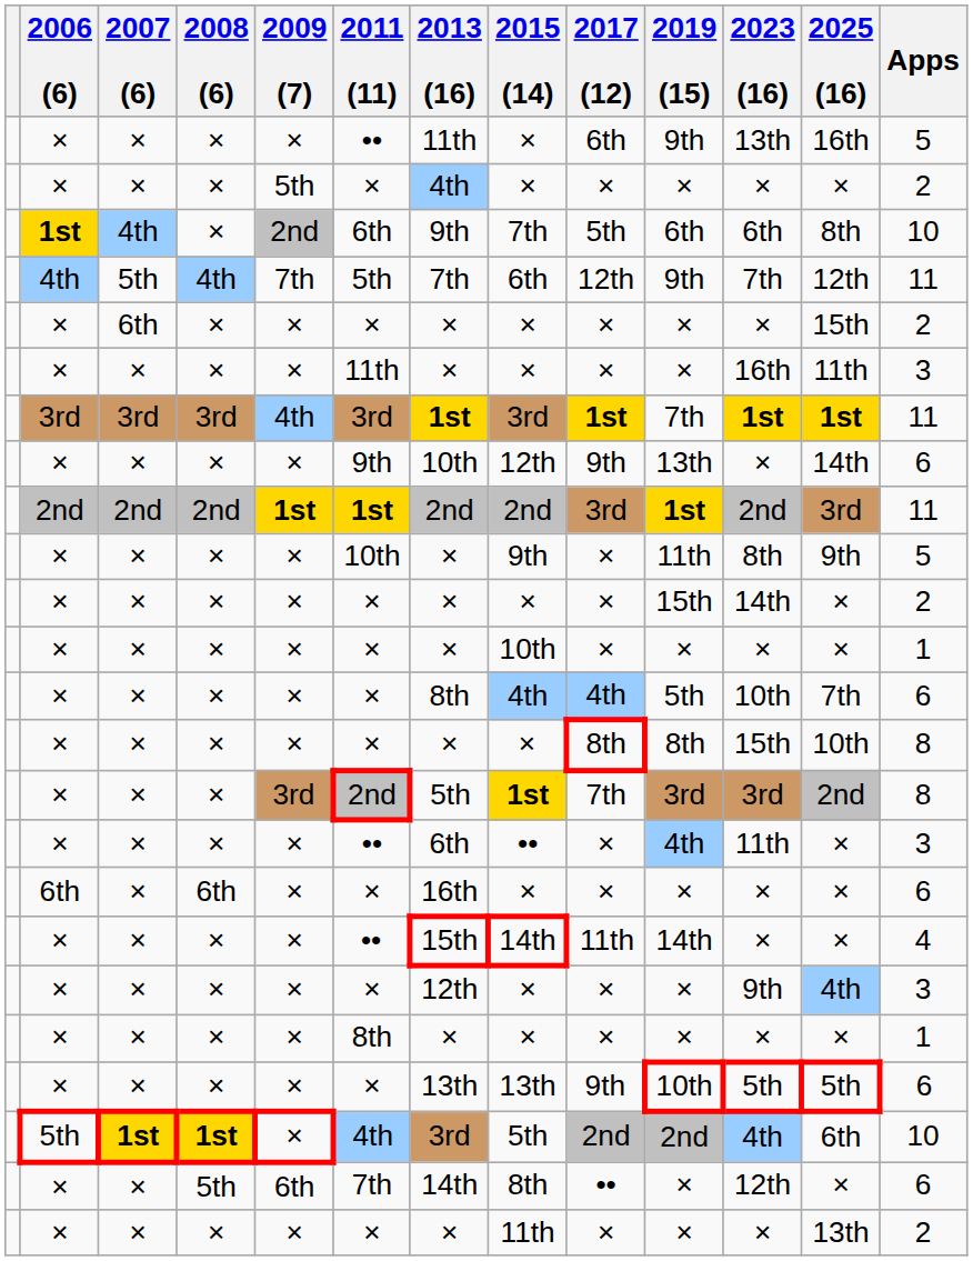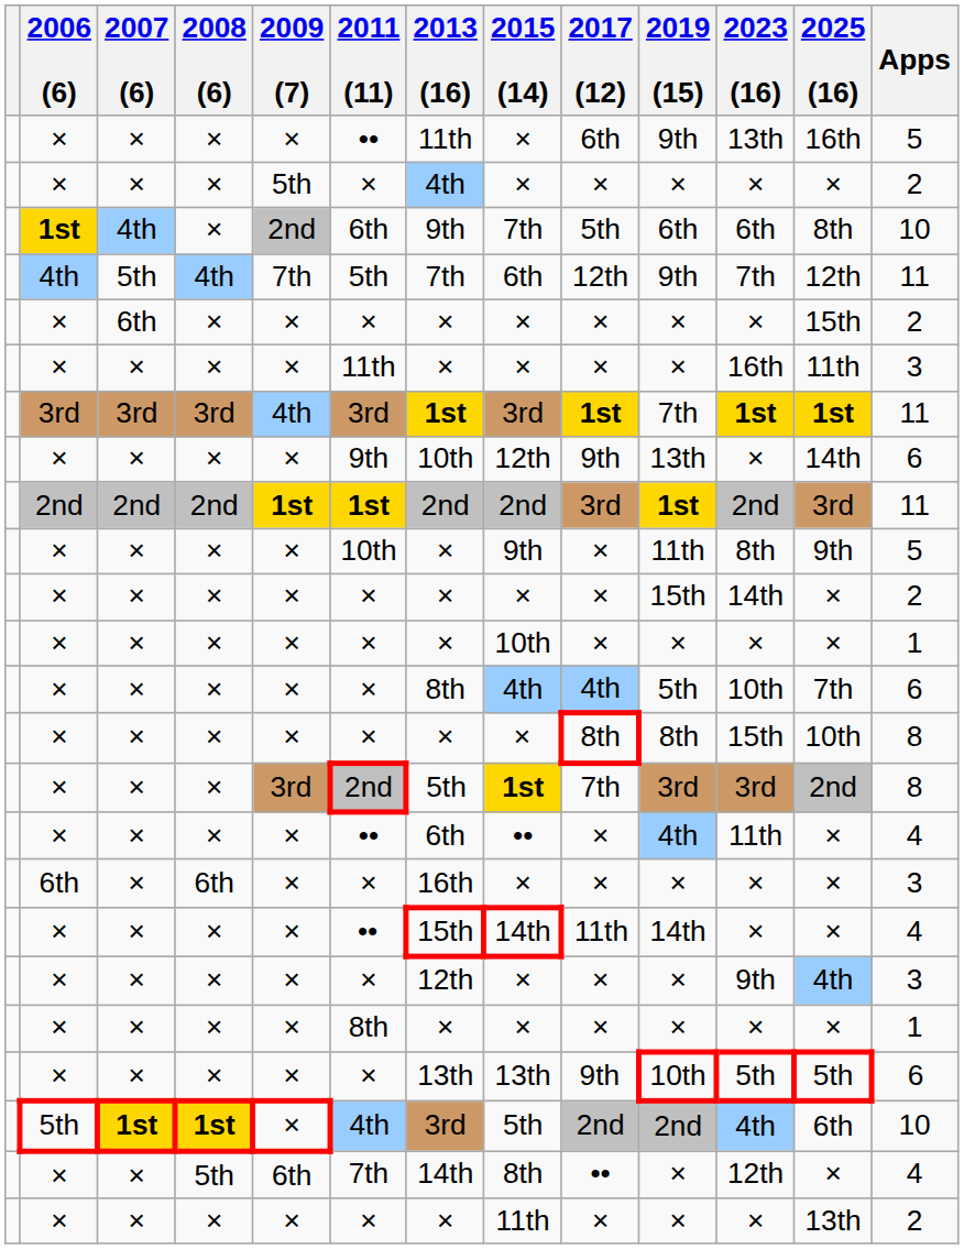 <table class="wikitable" style="text-align: center">
 <tr>
 <th></th>
 <th><a href='#'>2006</a><br> <br> (6)</th>
 <th><a href='#'>2007</a><br> <br> (6)</th>
 <th><a href='#'>2008</a><br> <br> (6)</th>
 <th><a href='#'>2009</a><br> <br> (7)</th>
 <th><a href='#'>2011</a><br> <br> (11)</th>
 <th><a href='#'>2013</a><br> <br> (16)</th>
 <th><a href='#'>2015</a><br> <br> (14)</th>
 <th><a href='#'>2017</a><br> <br> (12)</th>
 <th><a href='#'>2019</a><br> <br> (15)</th>
 <th><a href='#'>2023</a><br> <br> (16)</th>
 <th><a href='#'>2025</a><br> <br> (16)</th>
 <th>Apps</th>
 </tr>
 <tr>
 <td align=left></td>
 <td>×</td>
 <td>×</td>
 <td>×</td>
 <td>×</td>
 <td>••</td>
 <td>11th</td>
 <td>×</td>
 <td>6th</td>
 <td>9th</td>
 <td>13th</td>
 <td>16th</td>
 <td>5</td>
 </tr>
 <tr>
 <td align=left></td>
 <td>×</td>
 <td>×</td>
 <td>×</td>
 <td>5th</td>
 <td>×</td>
 <td bgcolor=#9acdff>4th</td>
 <td>×</td>
 <td>×</td>
 <td>×</td>
 <td>×</td>
 <td>×</td>
 <td>2</td>
 </tr>
 <tr>
 <td align=left></td>
 <td bgcolor=gold><strong>1st</strong></td>
 <td bgcolor=#9acdff>4th</td>
 <td>×</td>
 <td bgcolor=silver>2nd</td>
 <td>6th</td>
 <td>9th</td>
 <td>7th</td>
 <td>5th</td>
 <td>6th</td>
 <td>6th</td>
 <td>8th</td>
 <td>10</td>
 </tr>
 <tr>
 <td align=left></td>
 <td bgcolor=#9acdff>4th</td>
 <td>5th</td>
 <td bgcolor=#9acdff>4th</td>
 <td>7th</td>
 <td>5th</td>
 <td>7th</td>
 <td>6th</td>
 <td>12th</td>
 <td>9th</td>
 <td>7th</td>
 <td>12th</td>
 <td>11</td>
 </tr>
 <tr>
 <td align=left></td>
 <td>×</td>
 <td>6th</td>
 <td>×</td>
 <td>×</td>
 <td>×</td>
 <td>×</td>
 <td>×</td>
 <td>×</td>
 <td>×</td>
 <td>×</td>
 <td>15th</td>
 <td>2</td>
 </tr>
 <tr>
 <td align=left></td>
 <td>×</td>
 <td>×</td>
 <td>×</td>
 <td>×</td>
 <td>11th</td>
 <td>×</td>
 <td>×</td>
 <td>×</td>
 <td>×</td>
 <td>16th</td>
 <td>11th</td>
 <td>3</td>
 </tr>
 <tr>
 <td align=left></td>
 <td bgcolor=#cc9966>3rd</td>
 <td bgcolor=#cc9966>3rd</td>
 <td bgcolor=#cc9966>3rd</td>
 <td bgcolor=#9acdff>4th</td>
 <td bgcolor=#cc9966>3rd</td>
 <td bgcolor=gold><strong>1st</strong></td>
 <td bgcolor=#cc9966>3rd</td>
 <td bgcolor=gold><strong>1st</strong></td>
 <td>7th</td>
 <td bgcolor=gold><strong>1st</strong></td>
 <td bgcolor=gold><strong>1st</strong></td>
 <td>11</td>
 </tr>
 <tr>
 <td align=left></td>
 <td>×</td>
 <td>×</td>
 <td>×</td>
 <td>×</td>
 <td>9th</td>
 <td>10th</td>
 <td>12th</td>
 <td>9th</td>
 <td>13th</td>
 <td>×</td>
 <td>14th</td>
 <td>6</td>
 </tr>
 <tr>
 <td align=left></td>
 <td bgcolor=silver>2nd</td>
 <td bgcolor=silver>2nd</td>
 <td bgcolor=silver>2nd</td>
 <td bgcolor=gold><strong>1st</strong></td>
 <td bgcolor=gold><strong>1st</strong></td>
 <td bgcolor=silver>2nd</td>
 <td bgcolor=silver>2nd</td>
 <td bgcolor=#cc9966>3rd</td>
 <td bgcolor=gold><strong>1st</strong></td>
 <td bgcolor=silver>2nd</td>
 <td bgcolor=#cc9966>3rd</td>
 <td>11</td>
 </tr>
 <tr>
 <td align=left></td>
 <td>×</td>
 <td>×</td>
 <td>×</td>
 <td>×</td>
 <td>10th</td>
 <td>×</td>
 <td>9th</td>
 <td>×</td>
 <td>11th</td>
 <td>8th</td>
 <td>9th</td>
 <td>5</td>
 </tr>
 <tr>
 <td align=left></td>
 <td>×</td>
 <td>×</td>
 <td>×</td>
 <td>×</td>
 <td>×</td>
 <td>×</td>
 <td>×</td>
 <td>×</td>
 <td>15th</td>
 <td>14th</td>
 <td>×</td>
 <td>2</td>
 </tr>
 <tr>
 <td align=left></td>
 <td>×</td>
 <td>×</td>
 <td>×</td>
 <td>×</td>
 <td>×</td>
 <td>×</td>
 <td>10th</td>
 <td>×</td>
 <td>×</td>
 <td>×</td>
 <td>×</td>
 <td>1</td>
 </tr>
 <tr>
 <td align=left></td>
 <td>×</td>
 <td>×</td>
 <td>×</td>
 <td>×</td>
 <td>×</td>
 <td>8th</td>
 <td bgcolor=#9acdff>4th</td>
 <td bgcolor=#9acdff>4th</td>
 <td>5th</td>
 <td>10th</td>
 <td>7th</td>
 <td>6</td>
 </tr>
 <tr>
 <td align=left></td>
 <td>×</td>
 <td>×</td>
 <td>×</td>
 <td>×</td>
 <td>×</td>
 <td>×</td>
 <td>×</td>
 <td style="border:3px solid red">8th</td>
 <td>8th</td>
 <td>15th</td>
 <td>10th</td>
 <td>8</td>
 </tr>
 <tr>
 <td align=left></td>
 <td>×</td>
 <td>×</td>
 <td>×</td>
 <td bgcolor=#cc9966>3rd</td>
 <td bgcolor=silver style="border:3px solid red">2nd</td>
 <td>5th</td>
 <td bgcolor=gold><strong>1st</strong></td>
 <td>7th</td>
 <td bgcolor=#cc9966>3rd</td>
 <td bgcolor=#cc9966>3rd</td>
 <td bgcolor=silver>2nd</td>
 <td>8</td>
 </tr>
 <tr>
 <td align=left></td>
 <td>×</td>
 <td>×</td>
 <td>×</td>
 <td>×</td>
 <td>••</td>
 <td>6th</td>
 <td>••</td>
 <td>×</td>
 <td bgcolor=#9acdff>4th</td>
 <td>11th</td>
 <td>×</td>
-<td>3</td>
+<td>4</td>
 </tr>
 <tr>
 <td align=left></td>
 <td>6th</td>
 <td>×</td>
 <td>6th</td>
 <td>×</td>
 <td>×</td>
 <td>16th</td>
 <td>×</td>
 <td>×</td>
 <td>×</td>
 <td>×</td>
 <td>×</td>
-<td>6</td>
+<td>3</td>
 </tr>
 <tr>
 <td align=left></td>
 <td>×</td>
 <td>×</td>
 <td>×</td>
 <td>×</td>
 <td>••</td>
 <td style="border:3px solid red">15th</td>
 <td style="border:3px solid red">14th</td>
 <td>11th</td>
 <td>14th</td>
 <td>×</td>
 <td>×</td>
 <td>4</td>
 </tr>
 <tr>
 <td align=left></td>
 <td>×</td>
 <td>×</td>
 <td>×</td>
 <td>×</td>
 <td>×</td>
 <td>12th</td>
 <td>×</td>
 <td>×</td>
 <td>×</td>
 <td>9th</td>
 <td bgcolor=#9acdff>4th</td>
 <td>3</td>
 </tr>
 <tr>
 <td align=left></td>
 <td>×</td>
 <td>×</td>
 <td>×</td>
 <td>×</td>
 <td>8th</td>
 <td>×</td>
 <td>×</td>
 <td>×</td>
 <td>×</td>
 <td>×</td>
 <td>×</td>
 <td>1</td>
 </tr>
 <tr>
 <td align=left></td>
 <td>×</td>
 <td>×</td>
 <td>×</td>
 <td>×</td>
 <td>×</td>
 <td>13th</td>
 <td>13th</td>
 <td>9th</td>
 <td style="border:3px solid red">10th</td>
 <td style="border:3px solid red">5th</td>
 <td style="border:3px solid red">5th</td>
 <td>6</td>
 </tr>
 <tr>
 <td align=left></td>
 <td style="border:3px solid red">5th</td>
 <td bgcolor=gold style="border:3px solid red"><strong>1st</strong></td>
 <td bgcolor=gold style="border:3px solid red"><strong>1st</strong></td>
 <td style="border:3px solid red">×</td>
 <td bgcolor=#9acdff>4th</td>
 <td bgcolor=#cc9966>3rd</td>
 <td>5th</td>
 <td bgcolor=silver>2nd</td>
 <td bgcolor=silver>2nd</td>
 <td bgcolor=#9acdff>4th</td>
 <td>6th</td>
 <td>10</td>
 </tr>
 <tr>
 <td align=left></td>
 <td>×</td>
 <td>×</td>
 <td>5th</td>
 <td>6th</td>
 <td>7th</td>
 <td>14th</td>
 <td>8th</td>
 <td>••</td>
 <td>×</td>
 <td>12th</td>
 <td>×</td>
-<td>6</td>
+<td>4</td>
 </tr>
 <tr>
 <td align=left></td>
 <td>×</td>
 <td>×</td>
 <td>×</td>
 <td>×</td>
 <td>×</td>
 <td>×</td>
 <td>11th</td>
 <td>×</td>
 <td>×</td>
 <td>×</td>
 <td>13th</td>
 <td>2</td>
 </tr>
 </table>
